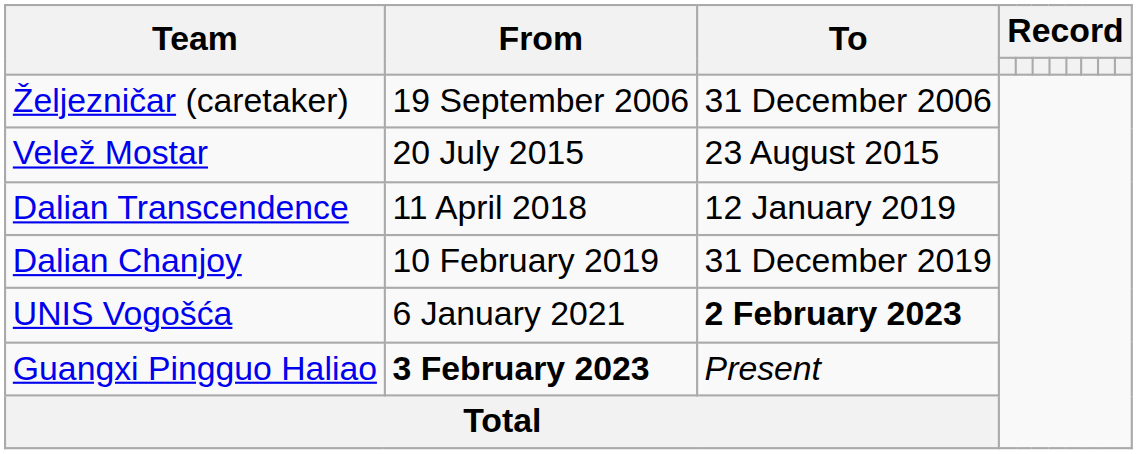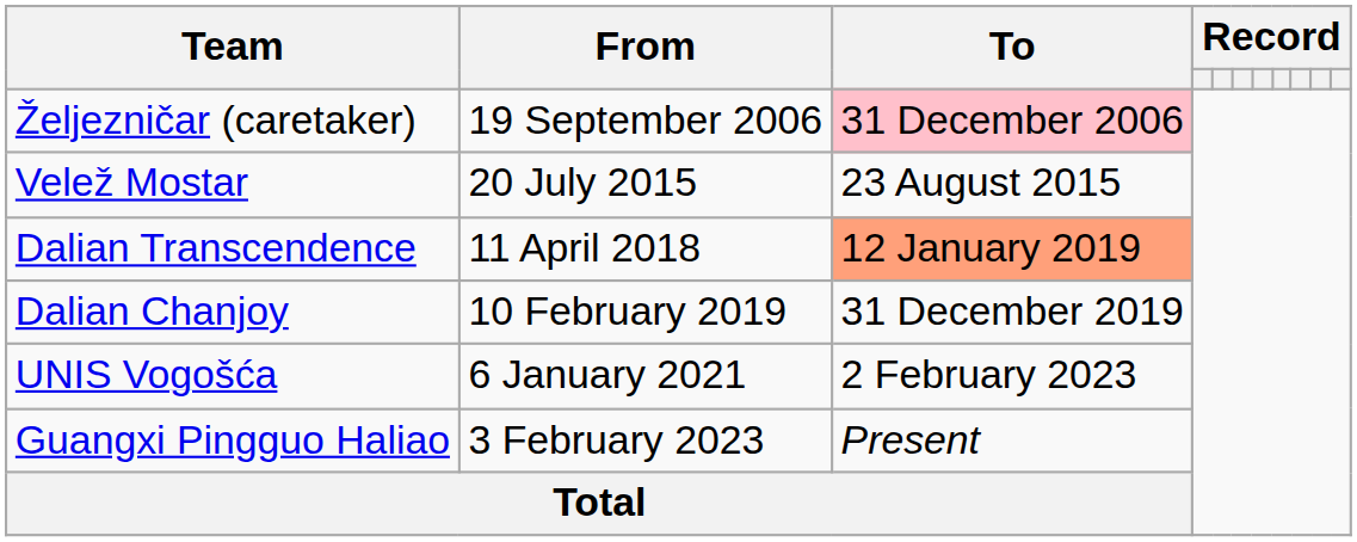 <table class="wikitable" tyle="text-align: center">
 <tr>
 <th rowspan="2">Team</th>
 <th rowspan="2">From</th>
 <th rowspan="2">To</th>
 <th colspan="8">Record</th>
 </tr>
 <tr>
 <th></th>
 <th></th>
 <th></th>
 <th></th>
 <th></th>
 <th></th>
 <th></th>
 <th></th>
 </tr>
 <tr>
 <td align="left"><a href='#'>Željezničar</a> (caretaker)</td>
 <td align="left">19 September 2006</td>
-<td align="left">31 December 2006<br></td>
+<td align="left" style="background: pink;">31 December 2006<br></td>
 </tr>
 <tr>
 <td align="left"><a href='#'>Velež Mostar</a></td>
 <td align="left">20 July 2015</td>
 <td align="left">23 August 2015<br></td>
 </tr>
 <tr>
 <td align="left"><a href='#'>Dalian Transcendence</a></td>
 <td align="left">11 April 2018</td>
-<td align="left">12 January 2019<br></td>
+<td align="left" style="background: lightsalmon;">12 January 2019<br></td>
 </tr>
 <tr>
 <td align="left"><a href='#'>Dalian Chanjoy</a></td>
 <td align="left">10 February 2019</td>
 <td align="left">31 December 2019<br></td>
 </tr>
 <tr>
 <td align="left"><a href='#'>UNIS Vogošća</a></td>
 <td align="left">6 January 2021</td>
-<td align="left"><strong>2 February 2023<br></strong></td>
+<td align="left">2 February 2023<br></td>
 </tr>
 <tr>
 <td align="left"><a href='#'>Guangxi Pingguo Haliao</a></td>
-<td align="left"><strong>3 February 2023</strong></td>
+<td align="left">3 February 2023</td>
 <td align="left"><em>Present</em><br></td>
 </tr>
 <tr>
 <th colspan="3">Total<br></th>
 </tr>
 </table>
